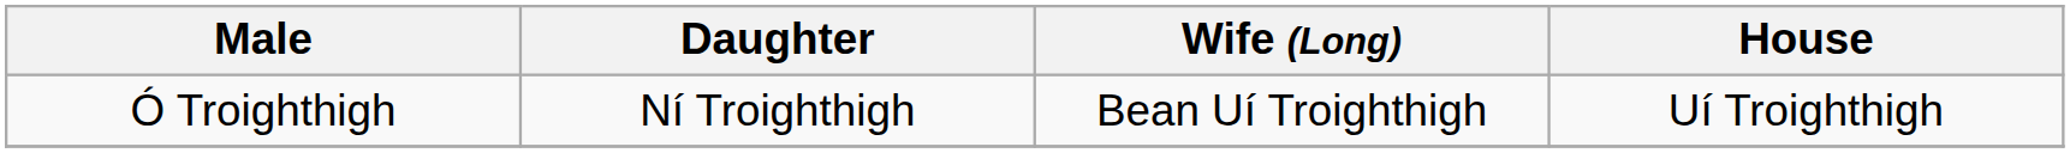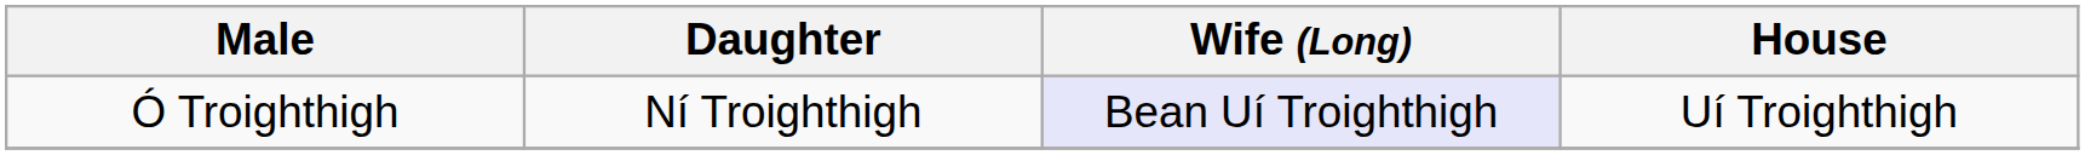 <table class="wikitable" style="text-align:right">
 <tr>
 <th width=20%>Male</th>
 <th width=20%>Daughter</th>
 <th width=20%>Wife <em><small>(Long)</small></em></th>
 <th width=20%>House</th>
 </tr>
 <tr>
 <td align="center">Ó Troighthigh</td>
 <td align="center">Ní Troighthigh</td>
-<td align="center">Bean Uí Troighthigh</td>
+<td align="center" style="background: lavender;">Bean Uí Troighthigh</td>
 <td align="center">Uí Troighthigh</td>
 </tr>
 <tr>
 </tr>
 </table>
